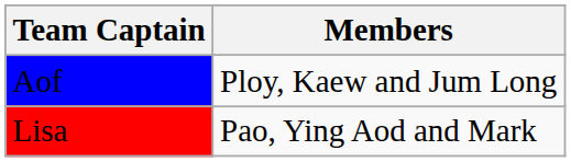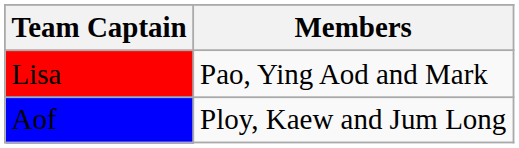 <table class="wikitable">
 <tr>
 <th>Team Captain</th>
 <th>Members</th>
 </tr>
 <tr>
+<td style="background:red"><span>Lisa </span></td>
+<td>Pao, Ying Aod and Mark</td>
+</tr>
+<tr>
 <td style="background:#0000FF"><span>Aof </span></td>
 <td>Ploy, Kaew and Jum Long</td>
 </tr>
-<tr>
-<td style="background:red"><span>Lisa </span></td>
-<td>Pao, Ying Aod and Mark</td>
-</tr>
 </table>
